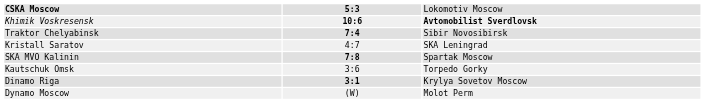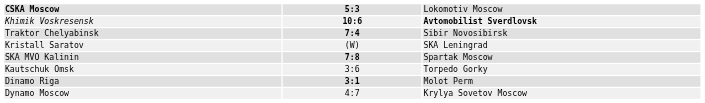 <table width="70%">
 <tr bgcolor="#e0e0e0">
 <td style="width:40%;"><strong>CSKA Moscow</strong></td>
 <th style="width:20%;"><strong>5:3</strong></th>
 <td style="width:40%;">Lokomotiv Moscow</td>
 </tr>
 <tr bgcolor="#f0f0f0">
 <td><em>Khimik Voskresensk<strong></td>
 <th></strong>10:6<strong></th>
 <td><strong>Avtomobilist Sverdlovsk</strong></td>
 </tr>
 <tr bgcolor="#e0e0e0">
 <td></strong>Traktor Chelyabinsk<strong></td>
 <th></strong>7:4<strong></th>
 <td>Sibir Novosibirsk</td>
 </tr>
 <tr bgcolor="#f0f0f0">
 <td>Kristall Saratov</td>
-<td align="center"></strong>4:7<strong></td>
+<td align="center"></strong>(W)<strong></td>
 <td></strong>SKA Leningrad<strong></td>
 </tr>
 <tr bgcolor="#e0e0e0">
 <td>SKA MVO Kalinin</td>
 <th></strong>7:8<strong></th>
 <td></strong>Spartak Moscow<strong></td>
 </tr>
 <tr bgcolor="#f0f0f0">
 <td>Kautschuk Omsk</td>
 <td align="center"></strong>3:6<strong></td>
 <td></strong>Torpedo Gorky<strong></td>
 </tr>
 <tr bgcolor="#e0e0e0">
 <td></strong>Dinamo Riga<strong></td>
 <th></strong>3:1<strong></th>
-<td>Krylya Sovetov Moscow</td>
+<td>Molot Perm</td>
 </tr>
 <tr bgcolor="#f0f0f0">
 <td></strong>Dynamo Moscow<strong></td>
-<td align="center"></strong>(W)<strong></td>
-<td>Molot Perm</td>
+<td align="center"></strong>4:7<strong></td>
+<td>Krylya Sovetov Moscow</td>
 </tr>
 </table>
